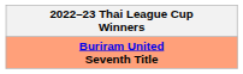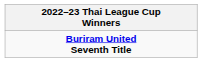 <table class="wikitable" style="text-align: center; margin: 0 auto; width: 20%">
 <tr>
 <th>2022–23 Thai League Cup<br>Winners</th>
 </tr>
 <tr>
-<td align="center" style="background: lightsalmon;"><strong><a href='#'>Buriram United</a></strong><br><strong>Seventh Title</strong></td>
+<td align="center"><strong><a href='#'>Buriram United</a></strong><br><strong>Seventh Title</strong></td>
 </tr>
 </table>
